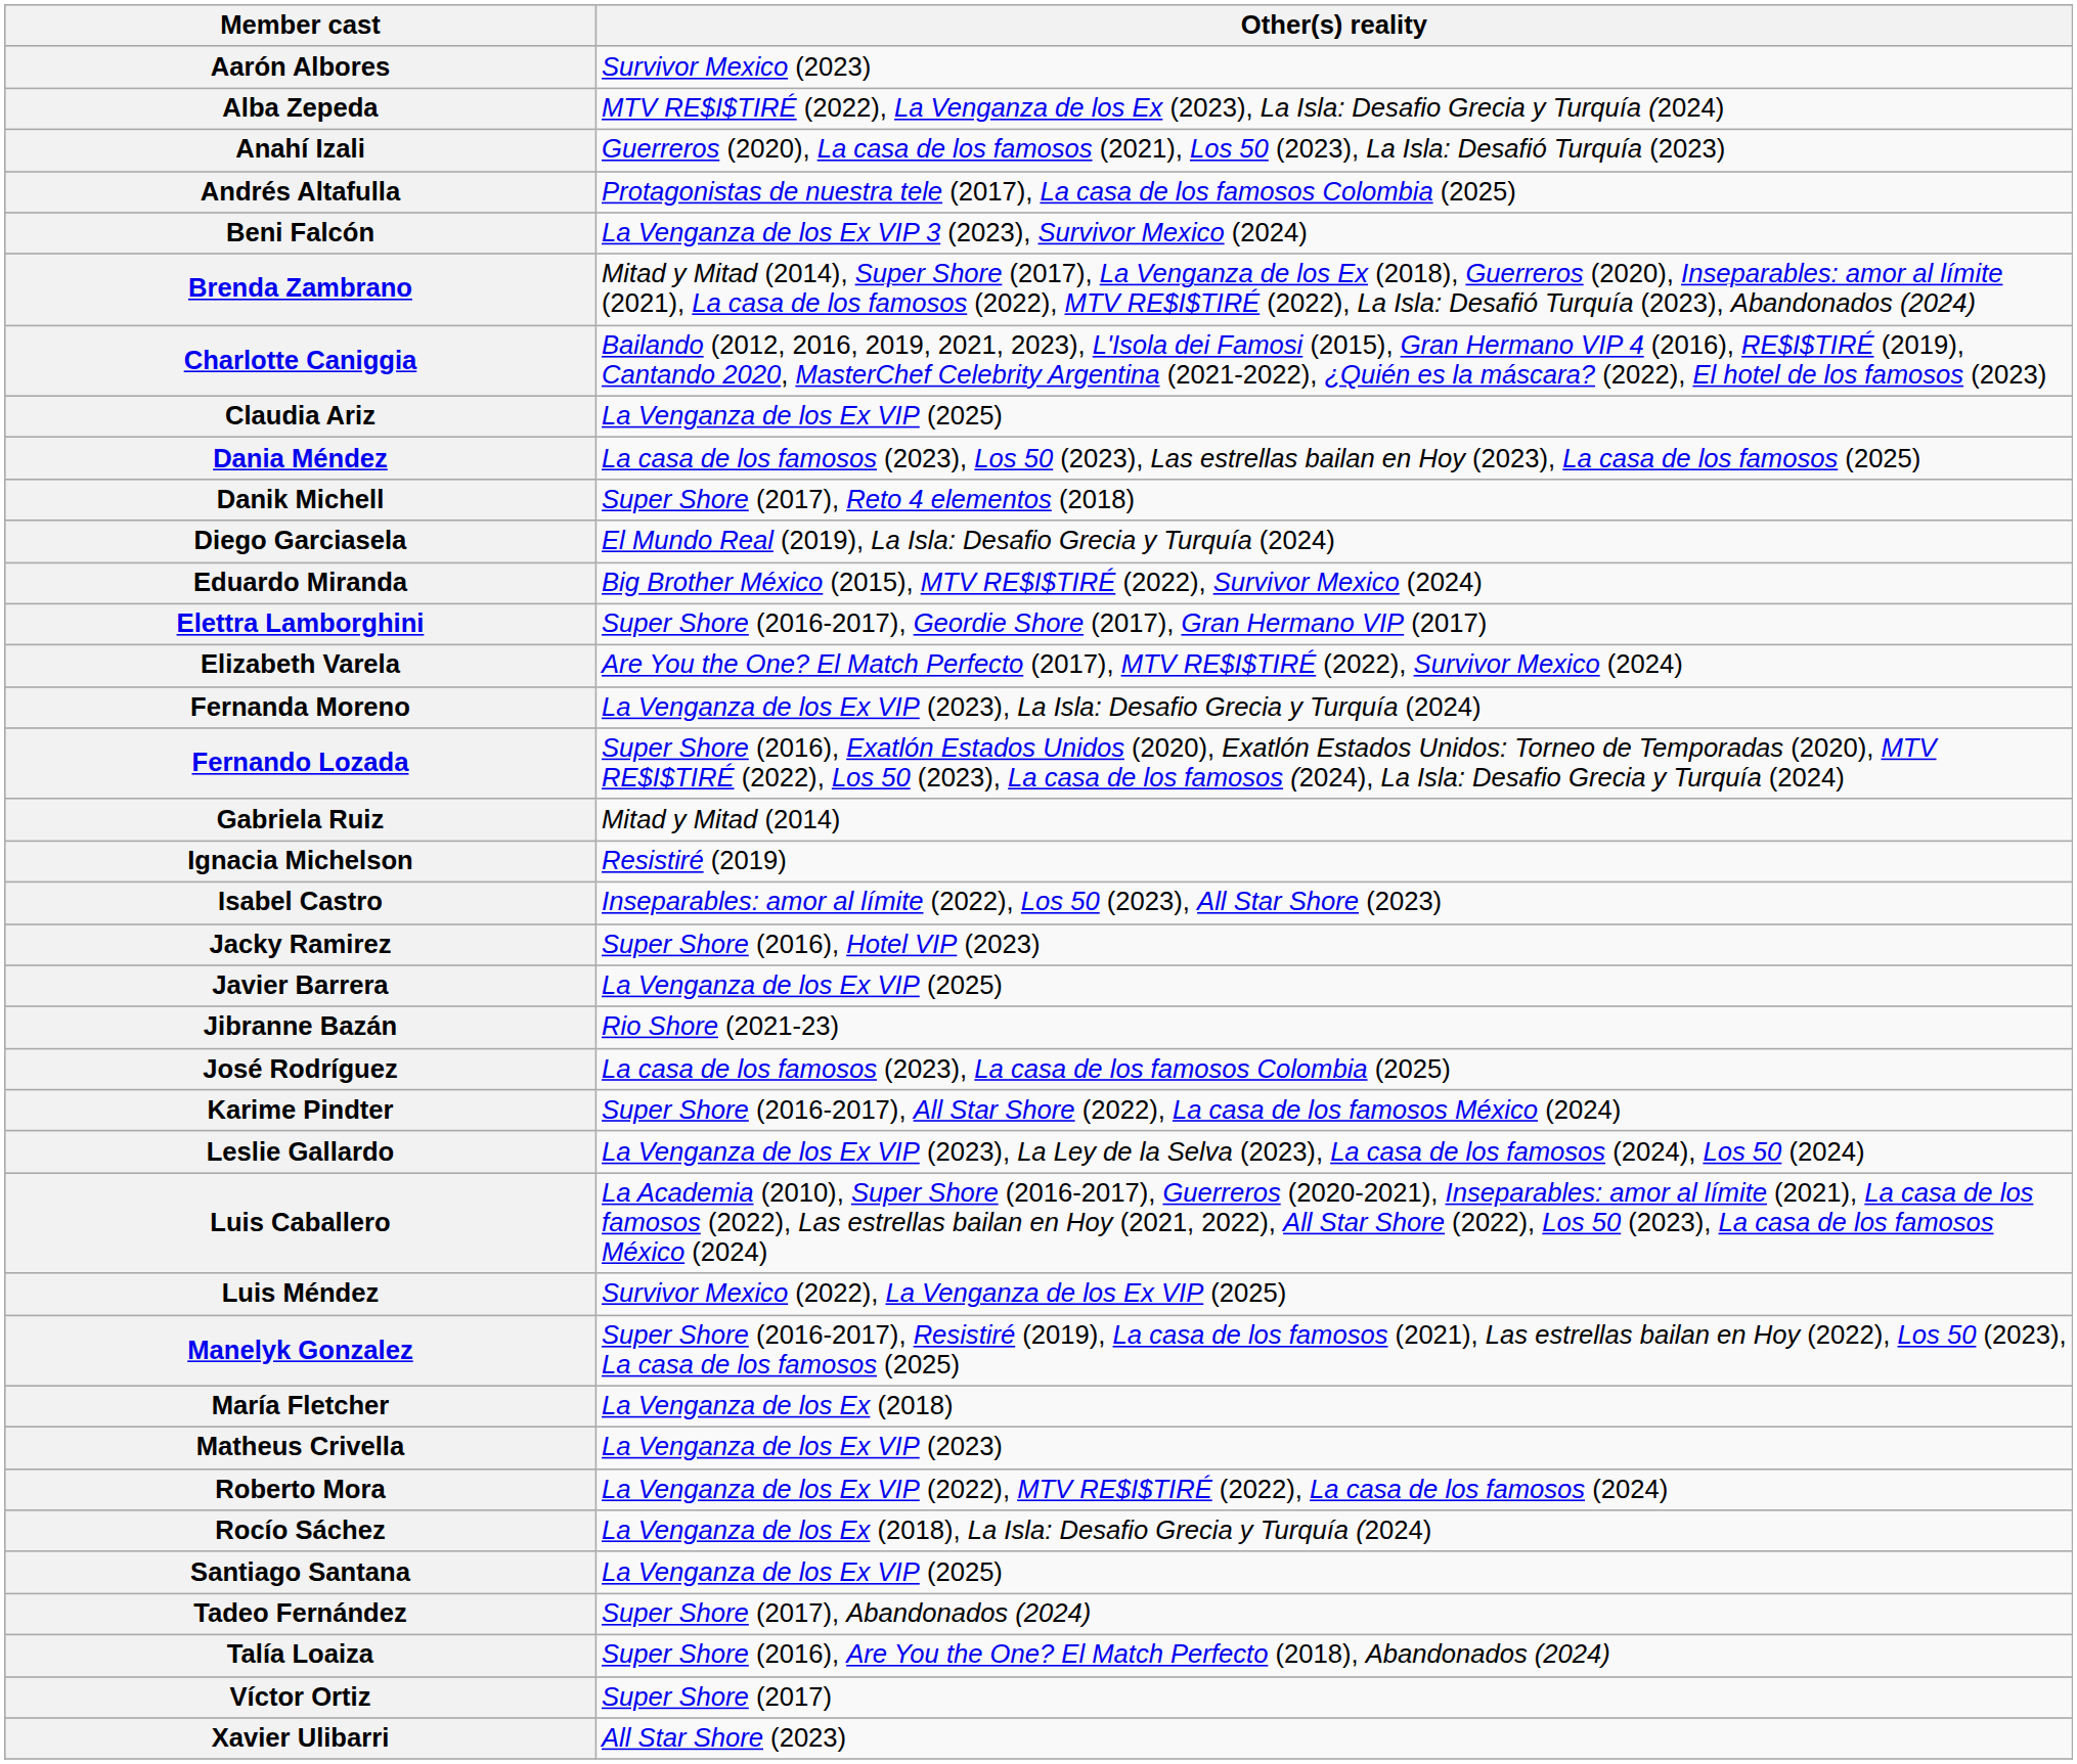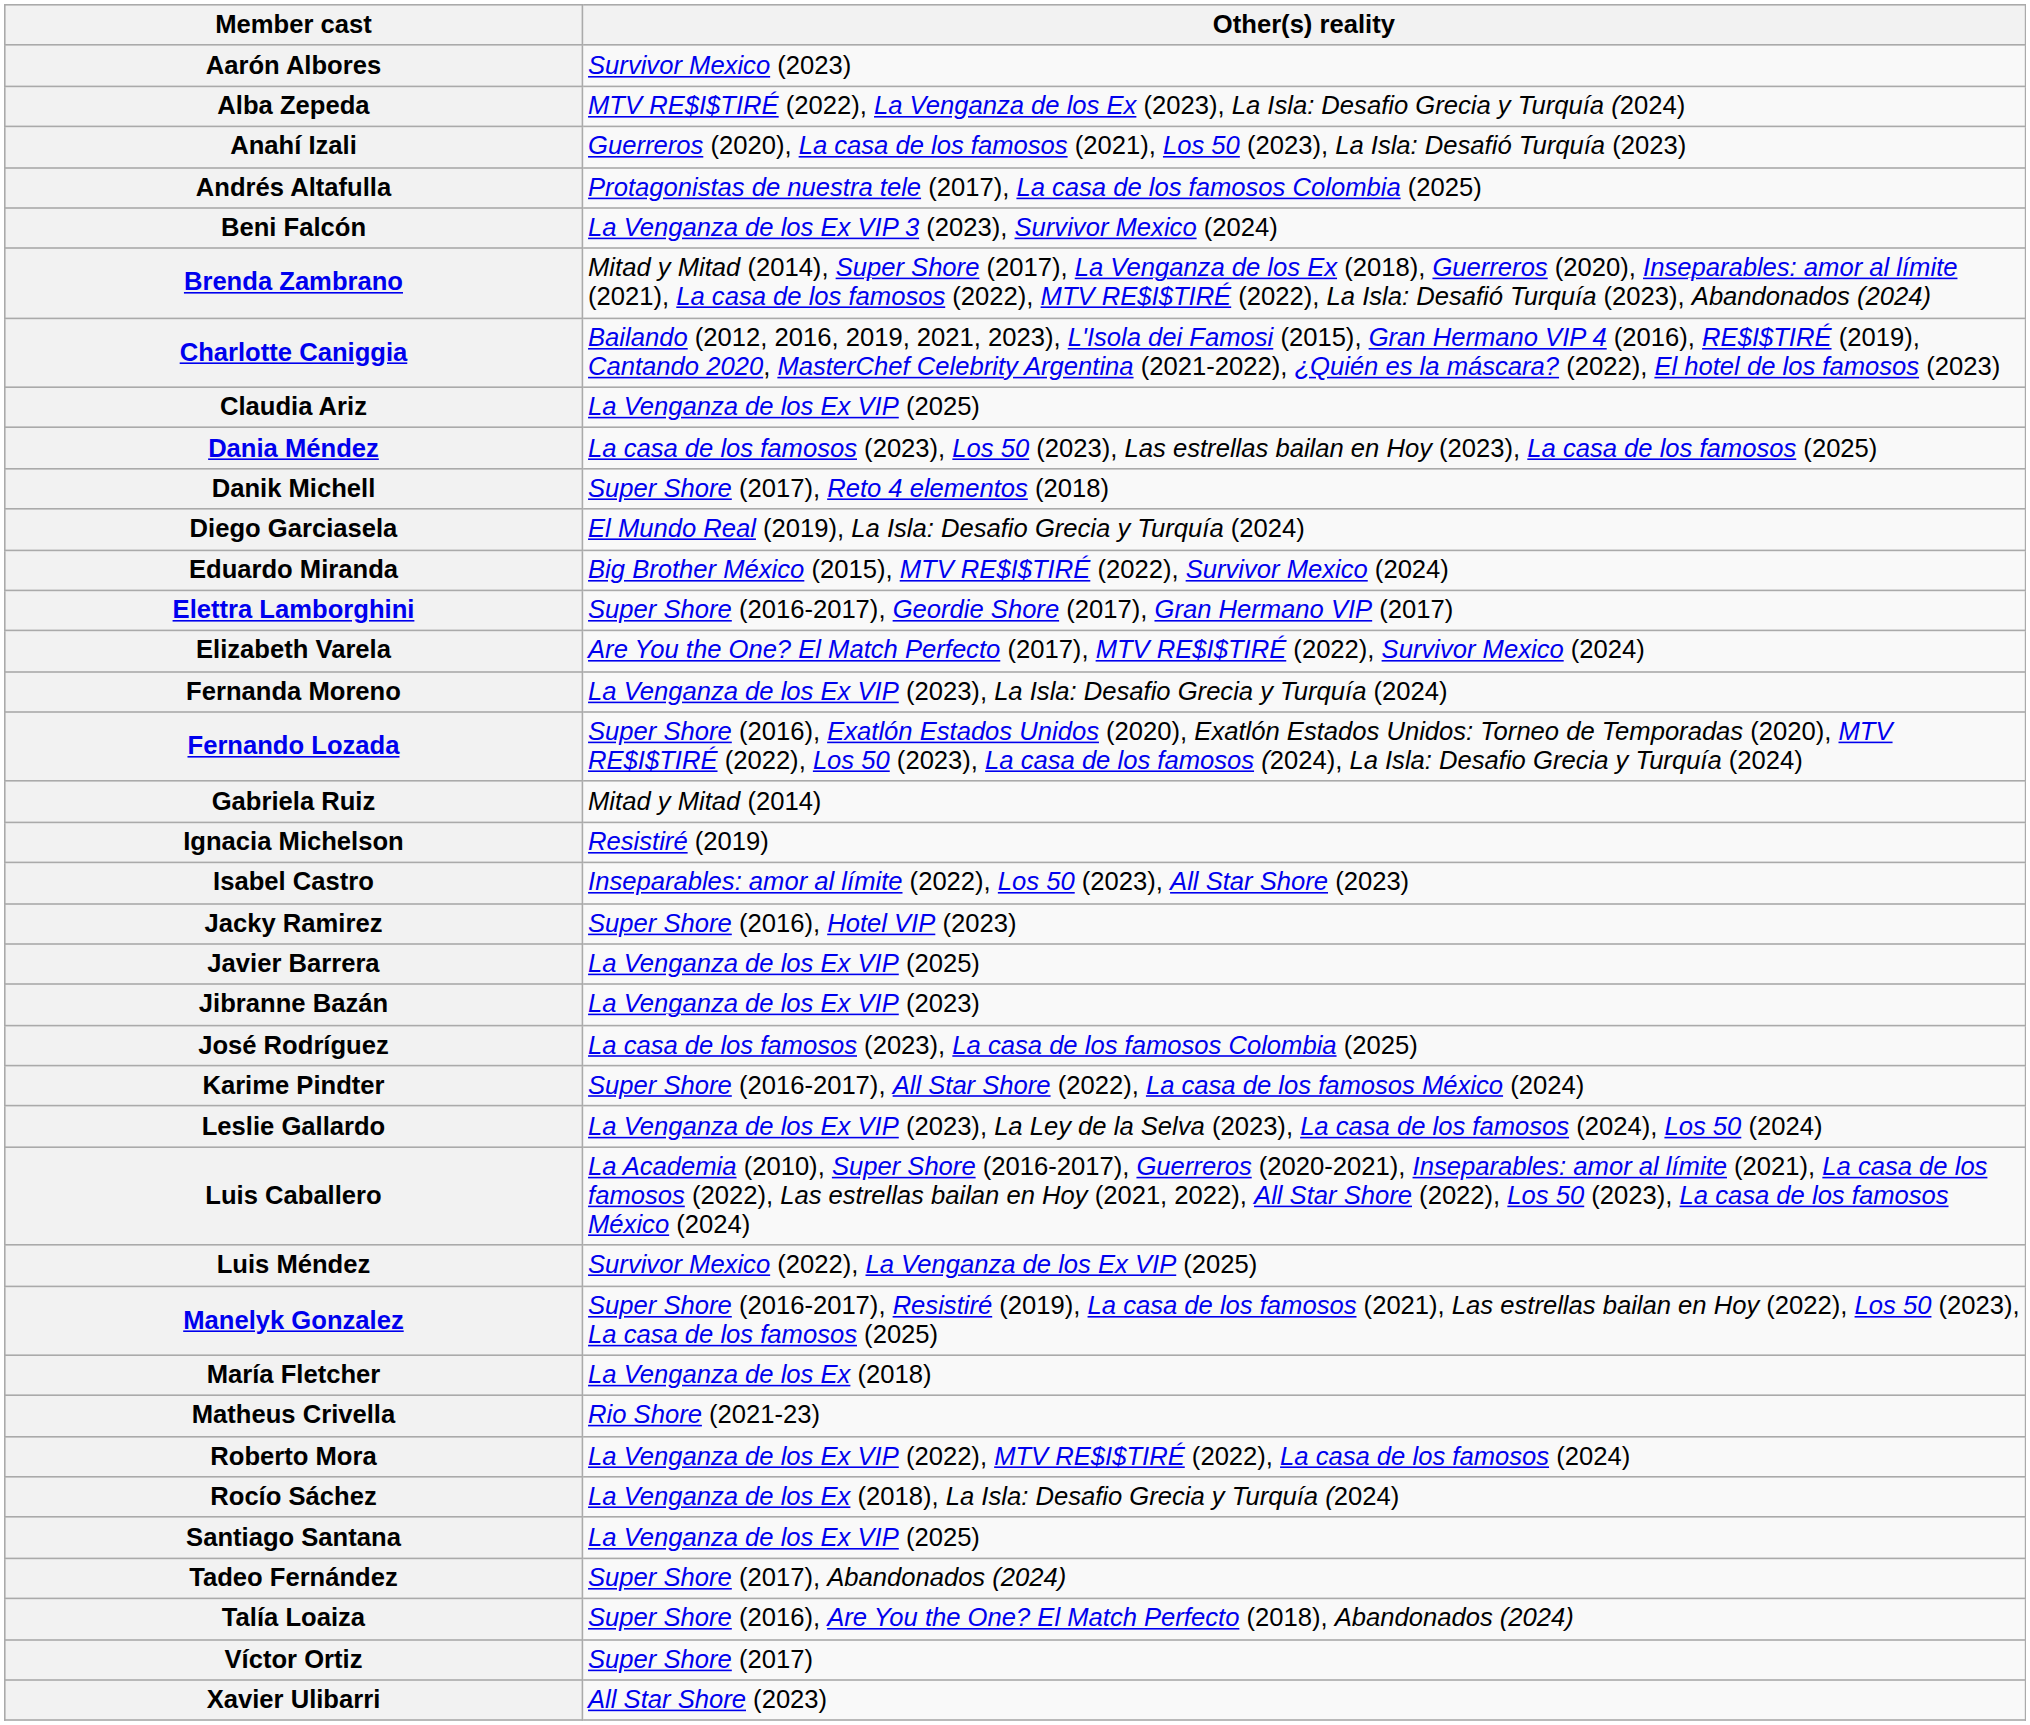 <table class="wikitable sortable" style="width:100%">
 <tr>
 <th style="width:20%">Member cast</th>
 <th style="width:50%">Other(s) reality</th>
 </tr>
 <tr>
 <th>Aarón Albores</th>
 <td><em><a href='#'>Survivor Mexico</a></em> (2023)</td>
 </tr>
 <tr>
 <th>Alba Zepeda</th>
 <td><em><a href='#'>MTV RE$I$TIRÉ</a></em> (2022), <a href='#'><em>La Venganza de los Ex</em></a> (2023), <em>La Isla: Desafio Grecia y Turquía (</em>2024)</td>
 </tr>
 <tr>
 <th>Anahí Izali</th>
 <td><em><a href='#'>Guerreros</a></em> (2020), <em><a href='#'>La casa de los famosos</a></em> (2021), <em><a href='#'>Los 50</a></em> (2023), <em>La Isla: Desafió Turquía</em> (2023)</td>
 </tr>
 <tr>
 <th>Andrés Altafulla</th>
 <td><em><a href='#'>Protagonistas de nuestra tele</a></em> (2017), <a href='#'><em>La casa de los famosos Colombia</em></a> (2025)</td>
 </tr>
 <tr>
 <th>Beni Falcón</th>
 <td><a href='#'><em>La Venganza de los Ex VIP 3</em></a> (2023), <em><a href='#'>Survivor Mexico</a></em> (2024)</td>
 </tr>
 <tr>
 <th><a href='#'>Brenda Zambrano</a></th>
 <td><em>Mitad y Mitad</em> (2014), <em><a href='#'>Super Shore</a></em> (2017), <em><a href='#'>La Venganza de los Ex</a></em> (2018), <em><a href='#'>Guerreros</a></em> (2020), <em><a href='#'>Inseparables: amor al límite</a></em> (2021), <em><a href='#'>La casa de los famosos</a></em> (2022), <em><a href='#'>MTV RE$I$TIRÉ</a></em> (2022), <em>La Isla: Desafió Turquía</em> (2023), <em>Abandonados (2024)</em></td>
 </tr>
 <tr>
 <th><a href='#'>Charlotte Caniggia</a></th>
 <td><em><a href='#'>Bailando</a></em> (2012, 2016, 2019, 2021, 2023), <em><a href='#'>L'Isola dei Famosi</a></em> (2015), <em><a href='#'>Gran Hermano VIP 4</a></em> (2016), <em><a href='#'>RE$I$TIRÉ</a></em> (2019), <em><a href='#'>Cantando 2020</a></em>, <em><a href='#'>MasterChef Celebrity Argentina</a></em> (2021-2022), <em><a href='#'>¿Quién es la máscara?</a></em> (2022), <em><a href='#'>El hotel de los famosos</a></em> (2023)</td>
 </tr>
 <tr>
 <th>Claudia Ariz</th>
 <td><em><a href='#'>La Venganza de los Ex VIP</a></em> (2025)</td>
 </tr>
 <tr>
 <th><a href='#'>Dania Méndez</a></th>
 <td><em><a href='#'>La casa de los famosos</a></em> (2023), <em><a href='#'>Los 50</a></em> (2023), <em>Las estrellas bailan en Hoy</em> (2023), <em><a href='#'>La casa de los famosos</a></em> (2025)</td>
 </tr>
 <tr>
 <th>Danik Michell</th>
 <td><em><a href='#'>Super Shore</a></em> (2017), <em><a href='#'>Reto 4 elementos</a></em> (2018)</td>
 </tr>
 <tr>
 <th>Diego Garciasela</th>
 <td><em><a href='#'>El Mundo Real</a></em> (2019), <em>La Isla: Desafio Grecia y Turquía</em> (2024)</td>
 </tr>
 <tr>
 <th>Eduardo Miranda</th>
 <td><em><a href='#'>Big Brother México</a></em> (2015), <em><a href='#'>MTV RE$I$TIRÉ</a></em> (2022), <em><a href='#'>Survivor Mexico</a></em> (2024)</td>
 </tr>
 <tr>
 <th><a href='#'>Elettra Lamborghini</a></th>
 <td><em><a href='#'>Super Shore</a></em> (2016-2017), <em><a href='#'>Geordie Shore</a></em> (2017), <em><a href='#'>Gran Hermano VIP</a></em> (2017)</td>
 </tr>
 <tr>
 <th>Elizabeth Varela</th>
 <td><em><a href='#'>Are You the One? El Match Perfecto</a></em> (2017), <em><a href='#'>MTV RE$I$TIRÉ</a></em> (2022), <em><a href='#'>Survivor Mexico</a></em> (2024)</td>
 </tr>
 <tr>
 <th>Fernanda Moreno</th>
 <td><em><a href='#'>La Venganza de los Ex VIP</a></em> (2023), <em>La Isla: Desafio Grecia y Turquía</em> (2024)</td>
 </tr>
 <tr>
 <th><a href='#'>Fernando Lozada</a></th>
 <td><em><a href='#'>Super Shore</a></em> (2016), <em><a href='#'>Exatlón Estados Unidos</a></em> (2020), <em>Exatlón Estados Unidos: Torneo de Temporadas</em> (2020), <em><a href='#'>MTV RE$I$TIRÉ</a></em> (2022), <em><a href='#'>Los 50</a></em> (2023), <em><a href='#'>La casa de los famosos</a> (</em>2024), <em>La Isla: Desafio Grecia y Turquía</em> (2024)</td>
 </tr>
 <tr>
 <th>Gabriela Ruiz</th>
 <td><em>Mitad y Mitad</em> (2014)</td>
 </tr>
 <tr>
 <th>Ignacia Michelson</th>
 <td><em><a href='#'>Resistiré</a></em> (2019)</td>
 </tr>
 <tr>
 <th>Isabel Castro</th>
 <td><em><a href='#'>Inseparables: amor al límite</a></em> (2022), <em><a href='#'>Los 50</a></em> (2023), <em><a href='#'>All Star Shore</a></em> (2023)</td>
 </tr>
 <tr>
 <th>Jacky Ramirez</th>
 <td><em><a href='#'>Super Shore</a></em> (2016), <em><a href='#'>Hotel VIP</a></em> (2023)</td>
 </tr>
 <tr>
 <th>Javier Barrera</th>
 <td><em><a href='#'>La Venganza de los Ex VIP</a></em> (2025)</td>
 </tr>
 <tr>
 <th>Jibranne Bazán</th>
-<td><em><a href='#'>Rio Shore</a></em> (2021-23)</td>
+<td><em><a href='#'>La Venganza de los Ex VIP</a></em> (2023)</td>
 </tr>
 <tr>
 <th>José Rodríguez</th>
 <td><em><a href='#'>La casa de los famosos</a></em> (2023), <a href='#'><em>La casa de los famosos Colombia</em></a> (2025)</td>
 </tr>
 <tr>
 <th>Karime Pindter</th>
 <td><em><a href='#'>Super Shore</a></em> (2016-2017), <em><a href='#'>All Star Shore</a></em> (2022), <em><a href='#'>La casa de los famosos México</a></em> (2024)</td>
 </tr>
 <tr>
 <th>Leslie Gallardo</th>
 <td><em><a href='#'>La Venganza de los Ex VIP</a></em> (2023), <em>La Ley de la Selva</em> (2023), <em><a href='#'>La casa de los famosos</a></em> (2024), <a href='#'><em>Los 50</em></a> (2024)</td>
 </tr>
 <tr>
 <th>Luis Caballero</th>
 <td><em><a href='#'>La Academia</a></em> (2010), <em><a href='#'>Super Shore</a></em> (2016-2017), <em><a href='#'>Guerreros</a></em> (2020-2021), <em><a href='#'>Inseparables: amor al límite</a></em> (2021), <em><a href='#'>La casa de los famosos</a></em> (2022), <em>Las estrellas bailan en Hoy</em> (2021, 2022), <em><a href='#'>All Star Shore</a></em> (2022), <em><a href='#'>Los 50</a></em> (2023), <em><a href='#'>La casa de los famosos México</a></em> (2024)</td>
 </tr>
 <tr>
 <th>Luis Méndez</th>
 <td><em><a href='#'>Survivor Mexico</a></em> (2022), <em><a href='#'>La Venganza de los Ex VIP</a></em> (2025)</td>
 </tr>
 <tr>
 <th><a href='#'>Manelyk Gonzalez</a></th>
 <td><em><a href='#'>Super Shore</a></em> (2016-2017), <em><a href='#'>Resistiré</a></em> (2019), <em><a href='#'>La casa de los famosos</a></em> (2021), <em>Las estrellas bailan en Hoy</em> (2022), <em><a href='#'>Los 50</a></em> (2023), <em><a href='#'>La casa de los famosos</a></em> (2025)</td>
 </tr>
 <tr>
 <th>María Fletcher</th>
 <td><em><a href='#'>La Venganza de los Ex</a></em> (2018)</td>
 </tr>
 <tr>
 <th>Matheus Crivella</th>
-<td><em><a href='#'>La Venganza de los Ex VIP</a></em> (2023)</td>
+<td><em><a href='#'>Rio Shore</a></em> (2021-23)</td>
 </tr>
 <tr>
 <th>Roberto Mora</th>
 <td><em><a href='#'>La Venganza de los Ex VIP</a></em> (2022), <em><a href='#'>MTV RE$I$TIRÉ</a></em> (2022), <em><a href='#'>La casa de los famosos</a></em> (2024)</td>
 </tr>
 <tr>
 <th>Rocío Sáchez</th>
 <td><em><a href='#'>La Venganza de los Ex</a></em> (2018), <em>La Isla: Desafio Grecia y Turquía (</em>2024)</td>
 </tr>
 <tr>
 <th>Santiago Santana</th>
 <td><em><a href='#'>La Venganza de los Ex VIP</a></em> (2025)</td>
 </tr>
 <tr>
 <th>Tadeo Fernández</th>
 <td><em><a href='#'>Super Shore</a></em> (2017), <em>Abandonados (2024)</em></td>
 </tr>
 <tr>
 <th>Talía Loaiza</th>
 <td><em><a href='#'>Super Shore</a></em> (2016), <em><a href='#'>Are You the One? El Match Perfecto</a></em> (2018), <em>Abandonados (2024)</em></td>
 </tr>
 <tr>
 <th>Víctor Ortiz</th>
 <td><em><a href='#'>Super Shore</a></em> (2017)</td>
 </tr>
 <tr>
 <th>Xavier Ulibarri</th>
 <td><em><a href='#'>All Star Shore</a></em> (2023)</td>
 </tr>
 </table>
